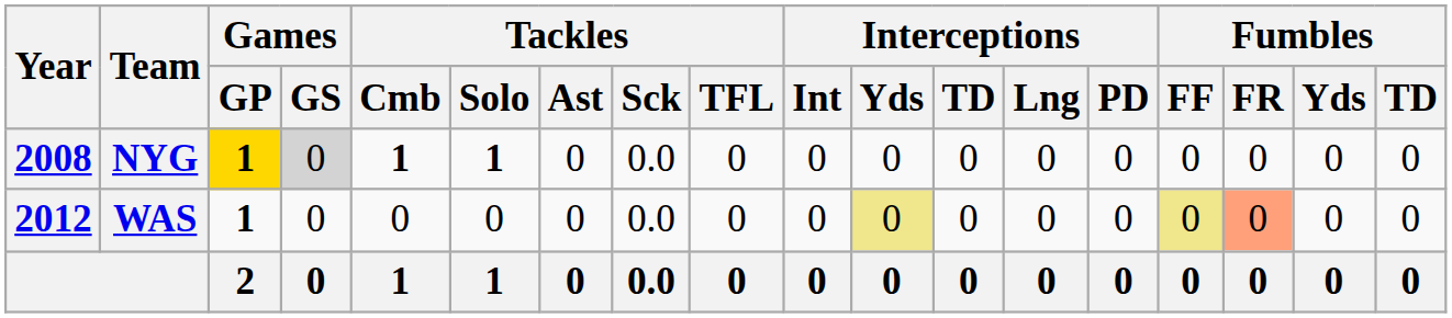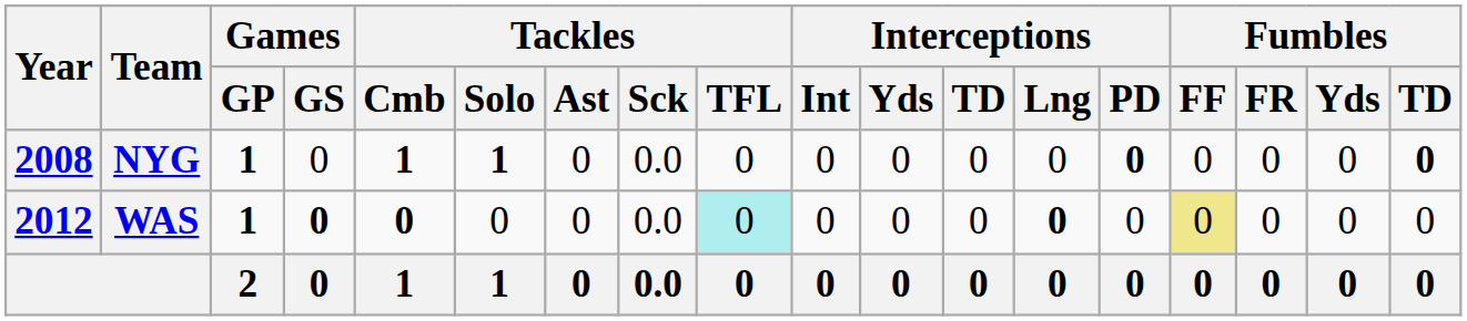 <table class="wikitable" style="text-align:center">
 <tr>
 <th rowspan="2">Year</th>
 <th rowspan="2">Team</th>
 <th colspan="2">Games</th>
 <th colspan="5">Tackles</th>
 <th colspan="5">Interceptions</th>
 <th colspan="4">Fumbles</th>
 </tr>
 <tr>
 <th>GP</th>
 <th>GS</th>
 <th>Cmb</th>
 <th>Solo</th>
 <th>Ast</th>
 <th>Sck</th>
 <th>TFL</th>
 <th>Int</th>
 <th>Yds</th>
 <th>TD</th>
 <th>Lng</th>
 <th>PD</th>
 <th>FF</th>
 <th>FR</th>
 <th>Yds</th>
 <th>TD</th>
 </tr>
 <tr>
 <th><a href='#'>2008</a></th>
 <th><a href='#'>NYG</a></th>
-<td style="background: gold;"><strong>1</strong></td>
-<td style="background: lightgrey;">0</td>
+<td><strong>1</strong></td>
+<td>0</td>
 <td><strong>1</strong></td>
 <td><strong>1</strong></td>
 <td>0</td>
 <td>0.0</td>
 <td>0</td>
 <td>0</td>
 <td>0</td>
 <td>0</td>
 <td>0</td>
+<td><strong>0</strong></td>
 <td>0</td>
 <td>0</td>
 <td>0</td>
-<td>0</td>
-<td>0</td>
+<td><strong>0</strong></td>
 </tr>
 <tr>
 <th><a href='#'>2012</a></th>
 <th><a href='#'>WAS</a></th>
 <td><strong>1</strong></td>
+<td><strong>0</strong></td>
+<td><strong>0</strong></td>
+<td>0</td>
+<td>0</td>
+<td>0.0</td>
+<td style="background: paleturquoise;">0</td>
 <td>0</td>
 <td>0</td>
 <td>0</td>
-<td>0</td>
-<td>0.0</td>
-<td>0</td>
+<td><strong>0</strong></td>
 <td>0</td>
 <td style="background: khaki;">0</td>
 <td>0</td>
-<td>0</td>
-<td>0</td>
-<td style="background: khaki;">0</td>
-<td style="background: lightsalmon;">0</td>
 <td>0</td>
 <td>0</td>
 </tr>
 <tr>
 <th colspan="2"></th>
 <th>2</th>
 <th>0</th>
 <th>1</th>
 <th>1</th>
 <th>0</th>
 <th>0.0</th>
 <th>0</th>
 <th>0</th>
 <th>0</th>
 <th>0</th>
 <th>0</th>
 <th>0</th>
 <th>0</th>
 <th>0</th>
 <th>0</th>
 <th>0</th>
 </tr>
 </table>
